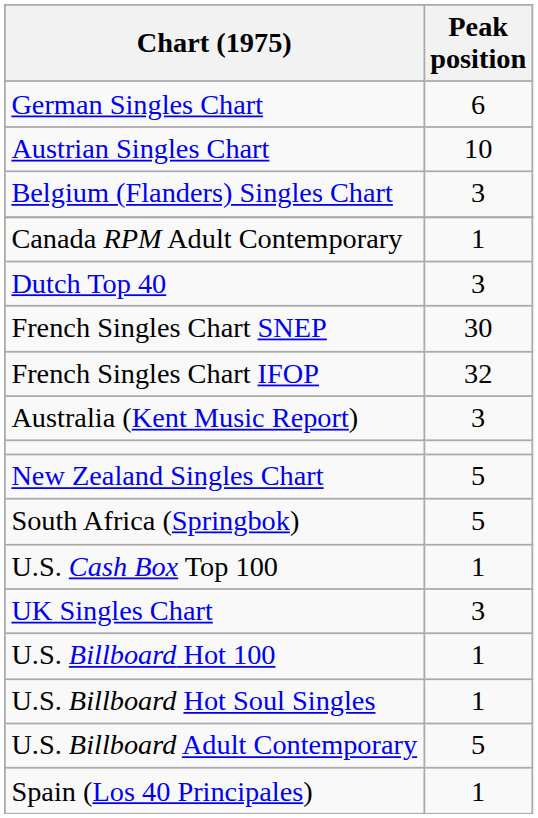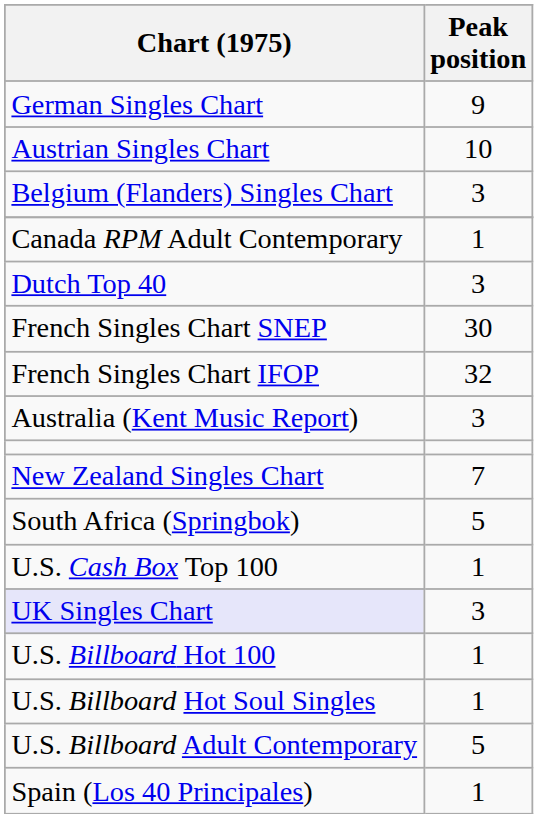 <table class="wikitable sortable">
 <tr>
 <th>Chart (1975)</th>
 <th>Peak<br>position</th>
 </tr>
 <tr>
 <td><a href='#'>German Singles Chart</a></td>
-<td style="text-align:center;">6</td>
+<td style="text-align:center;">9</td>
 </tr>
 <tr>
 <td><a href='#'>Austrian Singles Chart</a></td>
 <td style="text-align:center;">10</td>
 </tr>
 <tr>
 <td><a href='#'>Belgium (Flanders) Singles Chart</a></td>
 <td style="text-align:center;">3</td>
 </tr>
 <tr>
 </tr>
 <tr>
 <td>Canada <em>RPM</em> Adult Contemporary</td>
 <td style="text-align:center;">1</td>
 </tr>
 <tr>
 <td><a href='#'>Dutch Top 40</a></td>
 <td style="text-align:center;">3</td>
 </tr>
 <tr>
 <td>French Singles Chart <a href='#'>SNEP</a></td>
 <td style="text-align:center;">30</td>
 </tr>
 <tr>
 <td>French Singles Chart <a href='#'>IFOP</a></td>
 <td style="text-align:center;">32</td>
 </tr>
 <tr>
 <td>Australia (<a href='#'>Kent Music Report</a>)</td>
 <td style="text-align:center;">3</td>
 </tr>
 <tr>
 <td></td>
 </tr>
 <tr>
 <td><a href='#'>New Zealand Singles Chart</a></td>
-<td style="text-align:center;">5</td>
+<td style="text-align:center;">7</td>
 </tr>
 <tr>
 <td>South Africa (<a href='#'>Springbok</a>)</td>
 <td align="center">5</td>
 </tr>
 <tr>
 <td>U.S. <a href='#'><em>Cash Box</em></a> Top 100 </td>
 <td style="text-align:center;">1</td>
 </tr>
 <tr>
-<td><a href='#'>UK Singles Chart</a></td>
+<td style="background: lavender;"><a href='#'>UK Singles Chart</a></td>
 <td style="text-align:center;">3</td>
 </tr>
 <tr>
 <td>U.S. <a href='#'><em>Billboard</em> Hot 100</a></td>
 <td style="text-align:center;">1</td>
 </tr>
 <tr>
 <td>U.S. <em>Billboard</em> <a href='#'>Hot Soul Singles</a></td>
 <td style="text-align:center;">1</td>
 </tr>
 <tr>
 <td>U.S. <em>Billboard</em> <a href='#'>Adult Contemporary</a></td>
 <td align="center">5</td>
 </tr>
 <tr>
 <td>Spain (<a href='#'>Los 40 Principales</a>)</td>
 <td style="text-align:center;">1</td>
 </tr>
 </table>
